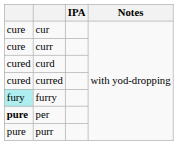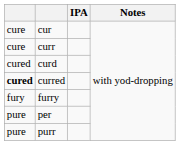 <table class="wikitable sortable mw-collapsible mw-collapsed">
 <tr>
 <th></th>
 <th></th>
 <th>IPA</th>
 <th>Notes</th>
 </tr>
 <tr>
 <td>cure</td>
 <td>cur</td>
 <td></td>
 <td rowspan=7>with yod-dropping</td>
 </tr>
 <tr>
 <td>cure</td>
 <td>curr</td>
 <td></td>
 </tr>
 <tr>
 <td>cured</td>
 <td>curd</td>
 <td></td>
 </tr>
 <tr>
-<td>cured</td>
+<td><strong>cured</strong></td>
 <td>curred</td>
 <td></td>
 </tr>
 <tr>
-<td style="background: paleturquoise;">fury</td>
+<td>fury</td>
 <td>furry</td>
 <td></td>
 </tr>
 <tr>
-<td><strong>pure</strong></td>
+<td>pure</td>
 <td>per</td>
 <td></td>
 </tr>
 <tr>
 <td>pure</td>
 <td>purr</td>
 <td></td>
 </tr>
 </table>
